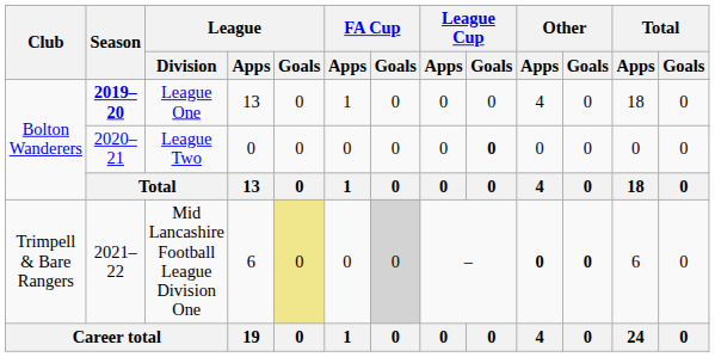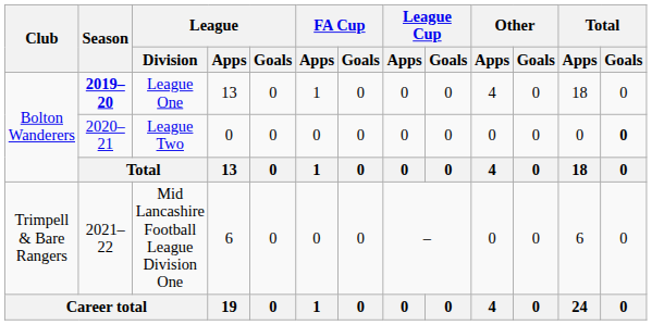 <table class="wikitable" style="text-align: center">
 <tr>
 <th rowspan="2">Club</th>
 <th rowspan="2">Season</th>
 <th colspan="3">League</th>
 <th colspan="2"><a href='#'>FA Cup</a></th>
 <th colspan="2"><a href='#'>League Cup</a></th>
 <th colspan="2">Other</th>
 <th colspan="2">Total</th>
 </tr>
 <tr>
 <th>Division</th>
 <th>Apps</th>
 <th>Goals</th>
 <th>Apps</th>
 <th>Goals</th>
 <th>Apps</th>
 <th>Goals</th>
 <th>Apps</th>
 <th>Goals</th>
 <th>Apps</th>
 <th>Goals</th>
 </tr>
 <tr>
 <td rowspan="3"><a href='#'>Bolton Wanderers</a></td>
 <td><strong><a href='#'>2019–20</a></strong></td>
 <td><a href='#'>League One</a></td>
 <td>13</td>
 <td>0</td>
 <td>1</td>
 <td>0</td>
 <td>0</td>
 <td>0</td>
 <td>4</td>
 <td>0</td>
 <td>18</td>
 <td>0</td>
 </tr>
 <tr>
 <td><a href='#'>2020–21</a></td>
 <td><a href='#'>League Two</a></td>
 <td>0</td>
 <td>0</td>
 <td>0</td>
 <td>0</td>
 <td>0</td>
-<td><strong>0</strong></td>
 <td>0</td>
 <td>0</td>
 <td>0</td>
 <td>0</td>
+<td><strong>0</strong></td>
 </tr>
 <tr>
 <th colspan="2">Total</th>
 <th>13</th>
 <th>0</th>
 <th>1</th>
 <th>0</th>
 <th>0</th>
 <th>0</th>
 <th>4</th>
 <th>0</th>
 <th>18</th>
 <th>0</th>
 </tr>
 <tr>
 <td>Trimpell & Bare Rangers</td>
 <td>2021–22</td>
 <td>Mid Lancashire Football League Division One</td>
 <td>6</td>
-<td style="background: khaki;">0</td>
 <td>0</td>
-<td style="background: lightgrey;">0</td>
+<td>0</td>
+<td>0</td>
 <td colspan="2">–</td>
-<td><strong>0</strong></td>
-<td><strong>0</strong></td>
+<td>0</td>
+<td>0</td>
 <td>6</td>
 <td>0</td>
 </tr>
 <tr>
 <th colspan="3">Career total</th>
 <th>19</th>
 <th>0</th>
 <th>1</th>
 <th>0</th>
 <th>0</th>
 <th>0</th>
 <th>4</th>
 <th>0</th>
 <th>24</th>
 <th>0</th>
 </tr>
 </table>
